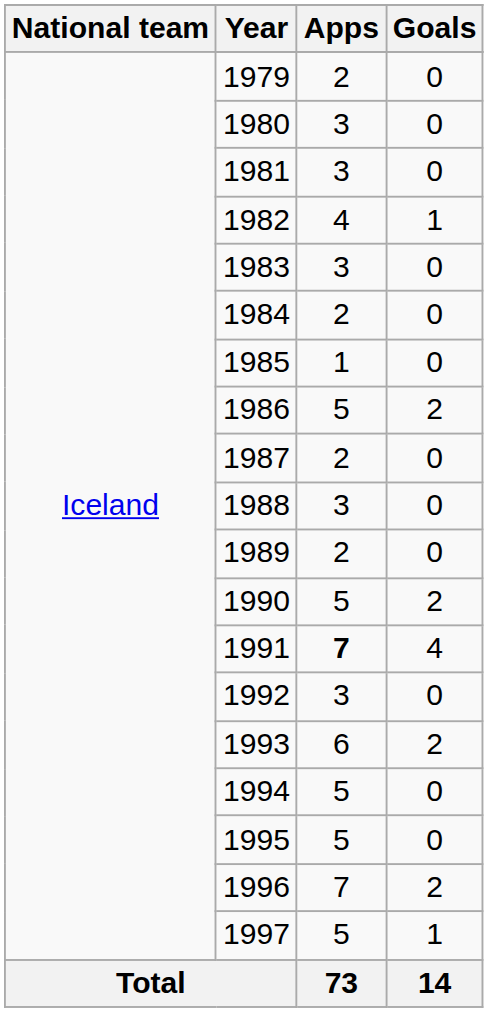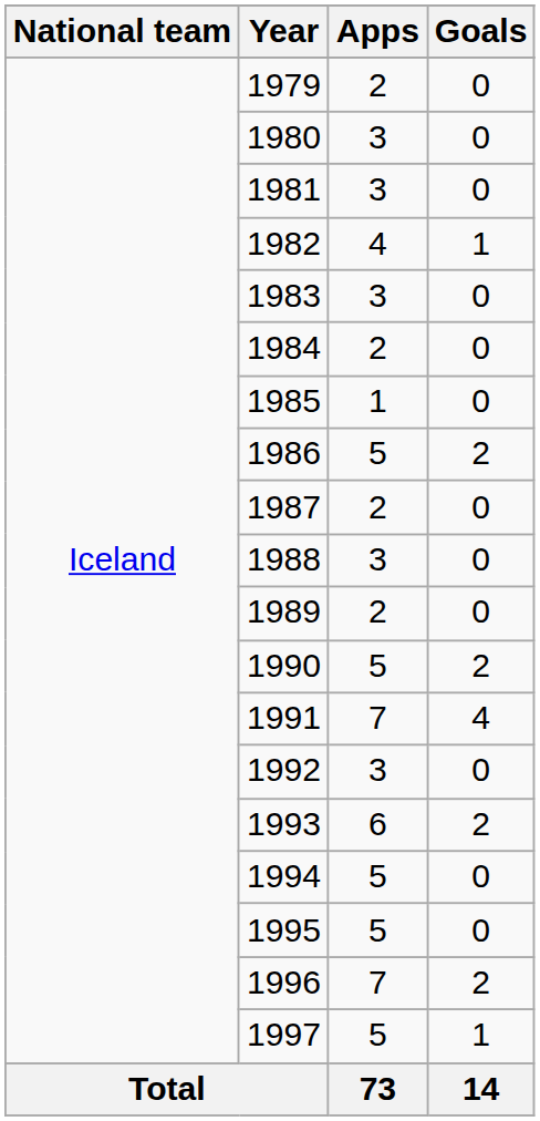 <table class=wikitable style=text-align:center>
 <tr>
 </tr>
 <tr>
 <th>National team</th>
 <th>Year</th>
 <th>Apps</th>
 <th>Goals</th>
 </tr>
 <tr>
 <td rowspan=20><a href='#'>Iceland</a></td>
 </tr>
 <tr>
 <td>1979</td>
 <td>2</td>
 <td>0</td>
 </tr>
 <tr>
 <td>1980</td>
 <td>3</td>
 <td>0</td>
 </tr>
 <tr>
 <td>1981</td>
 <td>3</td>
 <td>0</td>
 </tr>
 <tr>
 <td>1982</td>
 <td>4</td>
 <td>1</td>
 </tr>
 <tr>
 <td>1983</td>
 <td>3</td>
 <td>0</td>
 </tr>
 <tr>
 <td>1984</td>
 <td>2</td>
 <td>0</td>
 </tr>
 <tr>
 <td>1985</td>
 <td>1</td>
 <td>0</td>
 </tr>
 <tr>
 <td>1986</td>
 <td>5</td>
 <td>2</td>
 </tr>
 <tr>
 <td>1987</td>
 <td>2</td>
 <td>0</td>
 </tr>
 <tr>
 <td>1988</td>
 <td>3</td>
 <td>0</td>
 </tr>
 <tr>
 <td>1989</td>
 <td>2</td>
 <td>0</td>
 </tr>
 <tr>
 <td>1990</td>
 <td>5</td>
 <td>2</td>
 </tr>
 <tr>
 <td>1991</td>
-<td><strong>7</strong></td>
+<td>7</td>
 <td>4</td>
 </tr>
 <tr>
 <td>1992</td>
 <td>3</td>
 <td>0</td>
 </tr>
 <tr>
 <td>1993</td>
 <td>6</td>
 <td>2</td>
 </tr>
 <tr>
 <td>1994</td>
 <td>5</td>
 <td>0</td>
 </tr>
 <tr>
 <td>1995</td>
 <td>5</td>
 <td>0</td>
 </tr>
 <tr>
 <td>1996</td>
 <td>7</td>
 <td>2</td>
 </tr>
 <tr>
 <td>1997</td>
 <td>5</td>
 <td>1</td>
 </tr>
 <tr>
 <th colspan=2>Total</th>
 <th>73</th>
 <th>14</th>
 </tr>
 </table>
